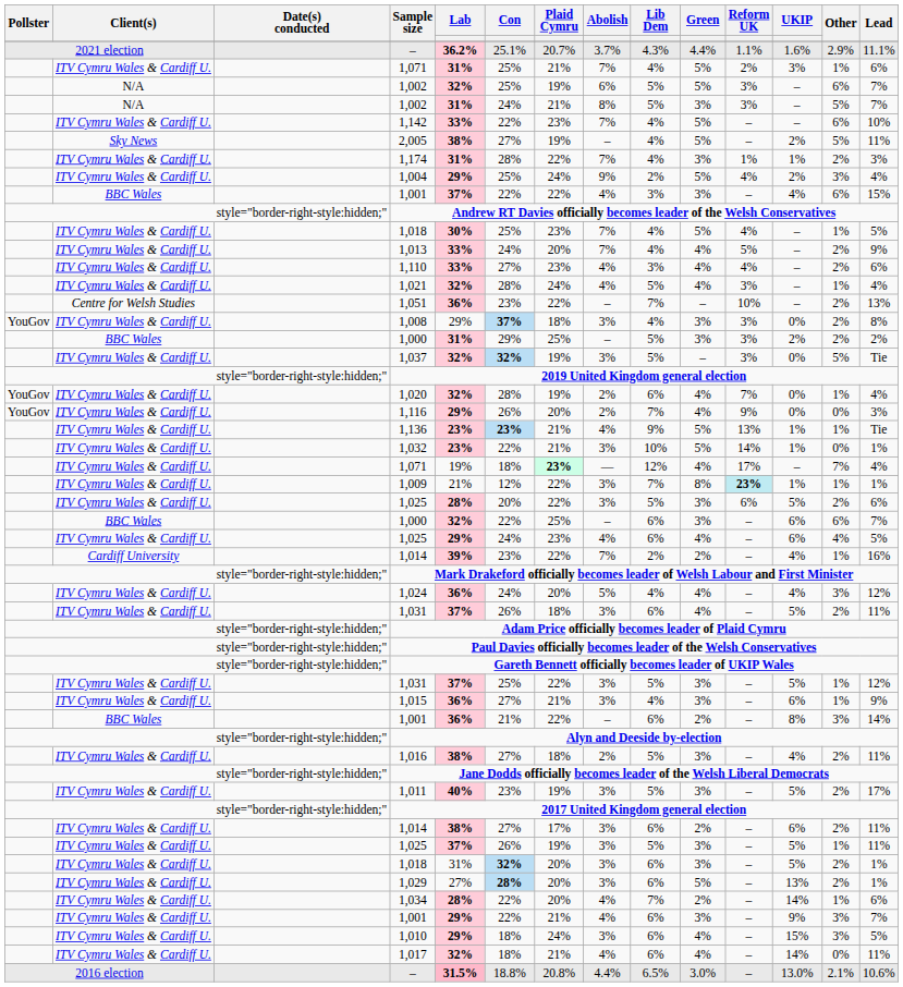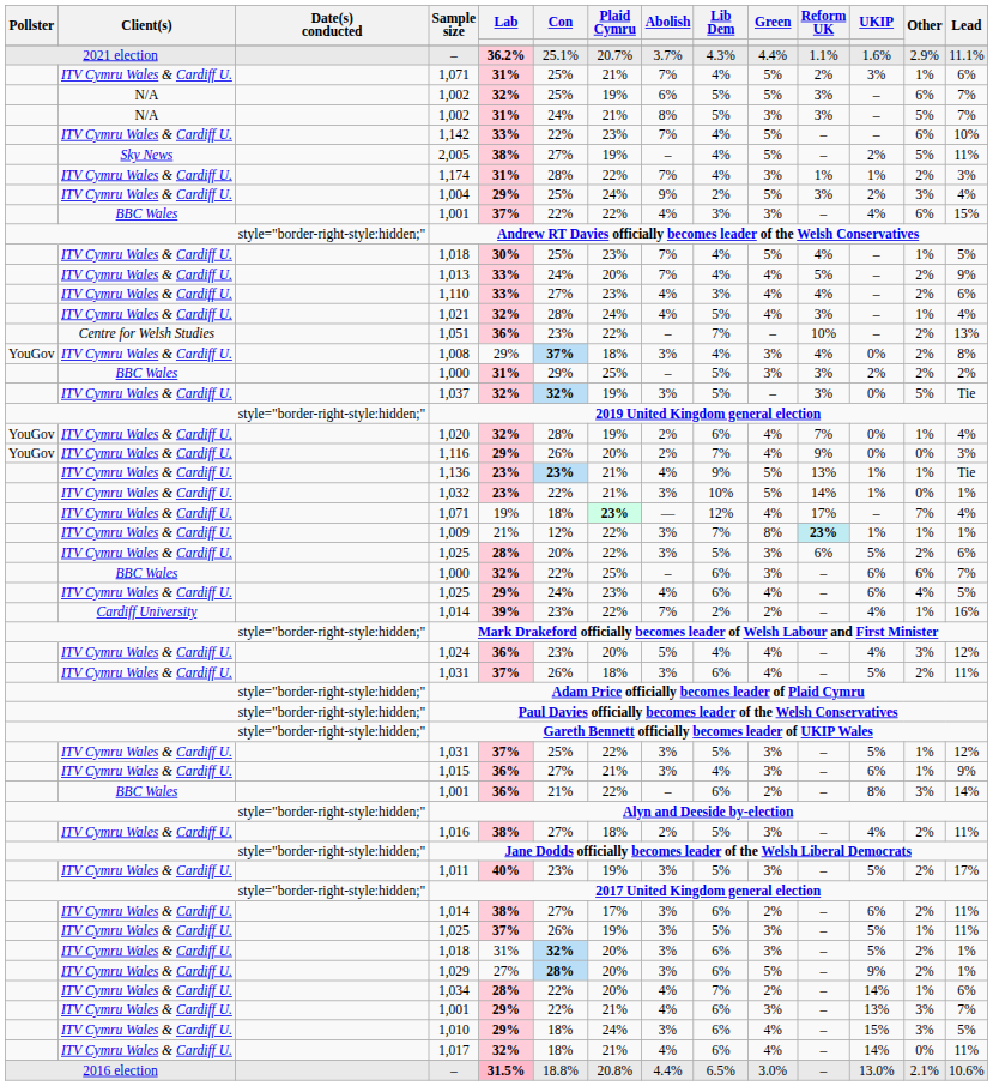 <table class="wikitable sortable" style="text-align:center;font-size:90%;line-height:14px;">
 <tr>
 <th rowspan="2">Pollster</th>
 <th rowspan="2">Client(s)</th>
 <th rowspan="2">Date(s)<br>conducted</th>
 <th data-sort-type="number" rowspan="2">Sample<br>size</th>
 <th class="unsortable" style="width:50px;"><a href='#'>Lab</a></th>
 <th class="unsortable" style="width:50px;"><a href='#'>Con</a></th>
 <th class="unsortable" style="width:50px;"><a href='#'>Plaid<br>Cymru</a></th>
 <th class="unsortable" style="width:45px;"><a href='#'>Abolish</a></th>
 <th class="unsortable" style="width:50px;"><a href='#'>Lib Dem</a></th>
 <th class="unsortable" style="width:45px;"><a href='#'>Green</a></th>
 <th class="unsortable" style="width:45px;"><a href='#'>Reform UK</a></th>
 <th class="unsortable" style="width:50px;"><a href='#'>UKIP</a></th>
 <th class="unsortable" rowspan="2">Other</th>
 <th data-sort-type="number" rowspan="2">Lead</th>
 </tr>
 <tr>
 <th data-sort-type="number" style="background:"></th>
 <th data-sort-type="number" style="background:"></th>
 <th data-sort-type="number" style="background:"></th>
 <th data-sort-type="number" style="background:"></th>
 <th data-sort-type="number" style="background:"></th>
 <th data-sort-type="number" style="background:"></th>
 <th data-sort-type="number" style="background:"></th>
 <th data-sort-type="number" style="background:"></th>
 </tr>
 <tr>
 </tr>
 <tr style="background:#E9E9E9;">
 <td colspan="2"><a href='#'>2021 election</a></td>
 <td></td>
 <td>–</td>
 <td style="background:#FFCCD9"><strong>36.2%</strong></td>
 <td>25.1%</td>
 <td>20.7%</td>
 <td>3.7%</td>
 <td>4.3%</td>
 <td>4.4%</td>
 <td>1.1%</td>
 <td>1.6%</td>
 <td>2.9%</td>
 <td style="background:">11.1%</td>
 </tr>
 <tr>
 <td></td>
 <td><em><a href='#'>ITV Cymru Wales</a> & <a href='#'>Cardiff U.</a></em></td>
 <td></td>
 <td>1,071</td>
 <td style="background:#FFCCD9"><strong>31%</strong></td>
 <td>25%</td>
 <td>21%</td>
 <td>7%</td>
 <td>4%</td>
 <td>5%</td>
 <td>2%</td>
 <td>3%</td>
 <td>1%</td>
 <td style="background:">6%</td>
 </tr>
 <tr>
 <td></td>
 <td>N/A</td>
 <td></td>
 <td>1,002</td>
 <td style="background:#FFCCD9"><strong>32%</strong></td>
 <td>25%</td>
 <td>19%</td>
 <td>6%</td>
 <td>5%</td>
 <td>5%</td>
 <td>3%</td>
 <td>–</td>
 <td>6%</td>
 <td style="background:">7%</td>
 </tr>
 <tr>
 <td></td>
 <td>N/A</td>
 <td></td>
 <td>1,002</td>
 <td style="background:#FFCCD9"><strong>31%</strong></td>
 <td>24%</td>
 <td>21%</td>
 <td>8%</td>
 <td>5%</td>
 <td>3%</td>
 <td>3%</td>
 <td>–</td>
 <td>5%</td>
 <td style="background:">7%</td>
 </tr>
 <tr>
 <td></td>
 <td><em><a href='#'>ITV Cymru Wales</a> & <a href='#'>Cardiff U.</a></em></td>
 <td></td>
 <td>1,142</td>
 <td style="background:#FFCCD9"><strong>33%</strong></td>
 <td>22%</td>
 <td>23%</td>
 <td>7%</td>
 <td>4%</td>
 <td>5%</td>
 <td>–</td>
 <td>–</td>
 <td>6%</td>
 <td style="background:">10%</td>
 </tr>
 <tr>
 <td></td>
 <td><em><a href='#'>Sky News</a></em></td>
 <td></td>
 <td>2,005</td>
 <td style="background:#FFCCD9"><strong>38%</strong></td>
 <td>27%</td>
 <td>19%</td>
 <td>–</td>
 <td>4%</td>
 <td>5%</td>
 <td>–</td>
 <td>2%</td>
 <td>5%</td>
 <td style="background:">11%</td>
 </tr>
 <tr>
 <td></td>
 <td><em><a href='#'>ITV Cymru Wales</a> & <a href='#'>Cardiff U.</a></em></td>
 <td></td>
 <td>1,174</td>
 <td style="background:#FFCCD9"><strong>31%</strong></td>
 <td>28%</td>
 <td>22%</td>
 <td>7%</td>
 <td>4%</td>
 <td>3%</td>
 <td>1%</td>
 <td>1%</td>
 <td>2% </td>
 <td style="background:">3%</td>
 </tr>
 <tr>
 <td></td>
 <td><em><a href='#'>ITV Cymru Wales</a> & <a href='#'>Cardiff U.</a></em></td>
 <td></td>
 <td>1,004</td>
 <td style="background:#FFCCD9"><strong>29%</strong></td>
 <td>25%</td>
 <td>24%</td>
 <td>9%</td>
 <td>2%</td>
 <td>5%</td>
-<td>4%</td>
+<td>3%</td>
 <td>2%</td>
 <td>3%</td>
 <td style="background:">4%</td>
 </tr>
 <tr>
 <td></td>
 <td><em><a href='#'>BBC Wales</a></em></td>
 <td></td>
 <td>1,001</td>
 <td style="background:#FFCCD9"><strong>37%</strong></td>
 <td>22%</td>
 <td>22%</td>
 <td>4%</td>
 <td>3%</td>
 <td>3%</td>
 <td>–</td>
 <td>4%</td>
 <td>6%</td>
 <td style="background:">15%</td>
 </tr>
 <tr>
 <td style="border-right-style:hidden;"></td>
 <td style="border-right-style:hidden;"></td>
 <td>style="border-right-style:hidden;" </td>
 <td colspan="11"><strong><a href='#'>Andrew RT Davies</a> officially <a href='#'>becomes leader</a> of the <a href='#'>Welsh Conservatives</a></strong></td>
 </tr>
 <tr>
 <td></td>
 <td><em><a href='#'>ITV Cymru Wales</a> & <a href='#'>Cardiff U.</a></em></td>
 <td></td>
 <td>1,018</td>
 <td style="background:#FFCCD9"><strong>30%</strong></td>
 <td>25%</td>
 <td>23%</td>
 <td>7%</td>
 <td>4%</td>
 <td>5%</td>
 <td>4%</td>
 <td>–</td>
 <td>1%</td>
 <td style="background:">5%</td>
 </tr>
 <tr>
 <td></td>
 <td><em><a href='#'>ITV Cymru Wales</a> & <a href='#'>Cardiff U.</a></em></td>
 <td></td>
 <td>1,013</td>
 <td style="background:#FFCCD9"><strong>33%</strong></td>
 <td>24%</td>
 <td>20%</td>
 <td>7%</td>
 <td>4%</td>
 <td>4%</td>
 <td>5%</td>
 <td>–</td>
 <td>2%</td>
 <td style="background:">9%</td>
 </tr>
 <tr>
 <td></td>
 <td><em><a href='#'>ITV Cymru Wales</a> & <a href='#'>Cardiff U.</a></em></td>
 <td></td>
 <td>1,110</td>
 <td style="background:#FFCCD9"><strong>33%</strong></td>
 <td>27%</td>
 <td>23%</td>
 <td>4%</td>
 <td>3%</td>
 <td>4%</td>
 <td>4%</td>
 <td>–</td>
 <td>2%</td>
 <td style="background:">6%</td>
 </tr>
 <tr>
 <td></td>
 <td><em><a href='#'>ITV Cymru Wales</a> & <a href='#'>Cardiff U.</a></em></td>
 <td></td>
 <td>1,021</td>
 <td style="background:#FFCCD9"><strong>32%</strong></td>
 <td>28%</td>
 <td>24%</td>
 <td>4%</td>
 <td>5%</td>
 <td>4%</td>
 <td>3%</td>
 <td>–</td>
 <td>1%</td>
 <td style="background:">4%</td>
 </tr>
 <tr>
 <td></td>
 <td><em>Centre for Welsh Studies</em></td>
 <td></td>
 <td>1,051</td>
 <td style="background:#FFCCD9"><strong>36%</strong></td>
 <td>23%</td>
 <td>22%</td>
 <td>–</td>
 <td>7%</td>
 <td>–</td>
 <td>10%</td>
 <td>–</td>
 <td>2%</td>
 <td style="background:">13%</td>
 </tr>
 <tr>
 <td>YouGov</td>
 <td><em><a href='#'>ITV Cymru Wales</a> & <a href='#'>Cardiff U.</a></em></td>
 <td></td>
 <td>1,008</td>
 <td>29%</td>
 <td style="background:#BADEF5;"><strong>37%</strong></td>
 <td>18%</td>
 <td>3%</td>
 <td>4%</td>
 <td>3%</td>
-<td>3%</td>
+<td>4%</td>
 <td>0%</td>
 <td>2%</td>
 <td style="background:">8%</td>
 </tr>
 <tr>
 <td></td>
 <td><em><a href='#'>BBC Wales</a></em></td>
 <td></td>
 <td>1,000</td>
 <td style="background:#FFCCD9"><strong>31%</strong></td>
 <td>29%</td>
 <td>25%</td>
 <td>–</td>
 <td>5%</td>
 <td>3%</td>
 <td>3%</td>
 <td>2%</td>
 <td>2%</td>
 <td style="background:">2%</td>
 </tr>
 <tr>
 <td></td>
 <td><em><a href='#'>ITV Cymru Wales</a> & <a href='#'>Cardiff U.</a></em></td>
 <td></td>
 <td>1,037</td>
 <td style="background:#FFCCD9"><strong>32%</strong></td>
 <td style="background:#BADEF5;"><strong>32%</strong></td>
 <td>19%</td>
 <td>3%</td>
 <td>5%</td>
 <td>–</td>
 <td>3%</td>
 <td>0%</td>
 <td>5%</td>
 <td>Tie</td>
 </tr>
 <tr>
 <td style="border-right-style:hidden;"></td>
 <td style="border-right-style:hidden;"></td>
 <td>style="border-right-style:hidden;" </td>
 <td colspan="11"><strong><a href='#'>2019 United Kingdom general election</a></strong></td>
 </tr>
 <tr>
 <td>YouGov</td>
 <td><em><a href='#'>ITV Cymru Wales</a> & <a href='#'>Cardiff U.</a></em></td>
 <td></td>
 <td>1,020</td>
 <td style="background:#FFCCD9"><strong>32%</strong></td>
 <td>28%</td>
 <td>19%</td>
 <td>2%</td>
 <td>6%</td>
 <td>4%</td>
 <td>7%</td>
 <td>0%</td>
 <td>1%</td>
 <td style="background:">4%</td>
 </tr>
 <tr>
 <td>YouGov</td>
 <td><em><a href='#'>ITV Cymru Wales</a> & <a href='#'>Cardiff U.</a></em></td>
 <td></td>
 <td>1,116</td>
 <td style="background:#FFCCD9"><strong>29%</strong></td>
 <td>26%</td>
 <td>20%</td>
 <td>2%</td>
 <td>7%</td>
 <td>4%</td>
 <td>9%</td>
 <td>0%</td>
 <td>0%</td>
 <td Style="background:">3%</td>
 </tr>
 <tr>
 <td></td>
 <td><em><a href='#'>ITV Cymru Wales</a> & <a href='#'>Cardiff U.</a></em></td>
 <td></td>
 <td>1,136</td>
 <td style="background:#FFCCD9"><strong>23%</strong></td>
 <td style="background:#BADEF5;"><strong>23%</strong></td>
 <td>21%</td>
 <td>4%</td>
 <td>9%</td>
 <td>5%</td>
 <td>13%</td>
 <td>1%</td>
 <td>1%</td>
 <td>Tie</td>
 </tr>
 <tr>
 <td></td>
 <td><em><a href='#'>ITV Cymru Wales</a> & <a href='#'>Cardiff U.</a></em></td>
 <td></td>
 <td>1,032</td>
 <td style="background:#FFCCD9"><strong>23%</strong></td>
 <td>22%</td>
 <td>21%</td>
 <td>3%</td>
 <td>10%</td>
 <td>5%</td>
 <td>14%</td>
 <td>1%</td>
 <td>0%</td>
 <td style="background:">1%</td>
 </tr>
 <tr>
 <td></td>
 <td><em><a href='#'>ITV Cymru Wales</a> & <a href='#'>Cardiff U.</a></em></td>
 <td></td>
 <td>1,071</td>
 <td>19%</td>
 <td>18%</td>
 <td style="background:#CCFFE6"><strong>23%</strong></td>
 <td>—</td>
 <td>12%</td>
 <td>4%</td>
 <td>17%</td>
 <td>–</td>
 <td>7%</td>
 <td style="background:">4%</td>
 </tr>
 <tr>
 <td></td>
 <td><em><a href='#'>ITV Cymru Wales</a> & <a href='#'>Cardiff U.</a></em></td>
 <td></td>
 <td>1,009</td>
 <td>21%</td>
 <td>12%</td>
 <td>22%</td>
 <td>3%</td>
 <td>7%</td>
 <td>8%</td>
 <td style="background:#BFEBF2;"><strong>23%</strong></td>
 <td>1%</td>
 <td>1%</td>
 <td style="background:">1%</td>
 </tr>
 <tr>
 <td></td>
 <td><em><a href='#'>ITV Cymru Wales</a> & <a href='#'>Cardiff U.</a></em></td>
 <td></td>
 <td>1,025</td>
 <td style="background:#FFCCD9"><strong>28%</strong></td>
 <td>20%</td>
 <td>22%</td>
 <td>3%</td>
 <td>5%</td>
 <td>3%</td>
 <td>6%</td>
 <td>5%</td>
 <td>2%</td>
 <td style="background:">6%</td>
 </tr>
 <tr>
 <td></td>
 <td><em><a href='#'>BBC Wales</a></em></td>
 <td></td>
 <td>1,000</td>
 <td style="background:#FFCCD9"><strong>32%</strong></td>
 <td>22%</td>
 <td>25%</td>
 <td>–</td>
 <td>6%</td>
 <td>3%</td>
 <td>–</td>
 <td>6%</td>
 <td>6%</td>
 <td style="background:">7%</td>
 </tr>
 <tr>
 <td></td>
 <td><em><a href='#'>ITV Cymru Wales</a> & <a href='#'>Cardiff U.</a></em></td>
 <td></td>
 <td>1,025</td>
 <td style="background:#FFCCD9"><strong>29%</strong></td>
 <td>24%</td>
 <td>23%</td>
 <td>4%</td>
 <td>6%</td>
 <td>4%</td>
 <td>–</td>
 <td>6%</td>
 <td>4%</td>
 <td style="background:">5%</td>
 </tr>
 <tr>
 <td></td>
 <td><em><a href='#'>Cardiff University</a></em></td>
 <td></td>
 <td>1,014</td>
 <td style="background:#FFCCD9"><strong>39%</strong></td>
 <td>23%</td>
 <td>22%</td>
 <td>7%</td>
 <td>2%</td>
 <td>2%</td>
 <td>–</td>
 <td>4%</td>
 <td>1%</td>
 <td style="background:">16%</td>
 </tr>
 <tr>
 <td style="border-right-style:hidden;"></td>
 <td style="border-right-style:hidden;"></td>
 <td>style="border-right-style:hidden;" </td>
 <td colspan="11"><strong><a href='#'>Mark Drakeford</a> officially <a href='#'>becomes leader</a> of <a href='#'>Welsh Labour</a> and <a href='#'>First Minister</a></strong></td>
 </tr>
 <tr>
 <td></td>
 <td><em><a href='#'>ITV Cymru Wales</a> & <a href='#'>Cardiff U.</a></em></td>
 <td></td>
 <td>1,024</td>
 <td style="background:#FFCCD9"><strong>36%</strong></td>
-<td>24%</td>
+<td>23%</td>
 <td>20%</td>
 <td>5%</td>
 <td>4%</td>
 <td>4%</td>
 <td>–</td>
 <td>4%</td>
 <td>3%</td>
 <td style="background:">12%</td>
 </tr>
 <tr>
 <td></td>
 <td><em><a href='#'>ITV Cymru Wales</a> & <a href='#'>Cardiff U.</a></em></td>
 <td></td>
 <td>1,031</td>
 <td style="background:#FFCCD9"><strong>37%</strong></td>
 <td>26%</td>
 <td>18%</td>
 <td>3%</td>
 <td>6%</td>
 <td>4%</td>
 <td>–</td>
 <td>5%</td>
 <td>2%</td>
 <td style="background:">11%</td>
 </tr>
 <tr>
 <td style="border-right-style:hidden;"></td>
 <td style="border-right-style:hidden;"></td>
 <td>style="border-right-style:hidden;" </td>
 <td colspan="11"><strong><a href='#'>Adam Price</a> officially <a href='#'>becomes leader</a> of <a href='#'>Plaid Cymru</a></strong></td>
 </tr>
 <tr>
 <td style="border-right-style:hidden;"></td>
 <td style="border-right-style:hidden;"></td>
 <td>style="border-right-style:hidden;" </td>
 <td colspan="11"><strong><a href='#'>Paul Davies</a> officially <a href='#'>becomes leader</a> of the <a href='#'>Welsh Conservatives</a></strong></td>
 </tr>
 <tr>
 <td style="border-right-style:hidden;"></td>
 <td style="border-right-style:hidden;"></td>
 <td>style="border-right-style:hidden;" </td>
 <td colspan="11"><strong><a href='#'>Gareth Bennett</a> officially <a href='#'>becomes leader</a> of <a href='#'>UKIP Wales</a></strong></td>
 </tr>
 <tr>
 <td></td>
 <td><em><a href='#'>ITV Cymru Wales</a> & <a href='#'>Cardiff U.</a></em></td>
 <td></td>
 <td>1,031</td>
 <td style="background:#FFCCD9"><strong>37%</strong></td>
 <td>25%</td>
 <td>22%</td>
 <td>3%</td>
 <td>5%</td>
 <td>3%</td>
 <td>–</td>
 <td>5%</td>
 <td>1%</td>
 <td style="background:">12%</td>
 </tr>
 <tr>
 <td></td>
 <td><em><a href='#'>ITV Cymru Wales</a> & <a href='#'>Cardiff U.</a></em></td>
 <td></td>
 <td>1,015</td>
 <td style="background:#FFCCD9"><strong>36%</strong></td>
 <td>27%</td>
 <td>21%</td>
 <td>3%</td>
 <td>4%</td>
 <td>3%</td>
 <td>–</td>
 <td>6%</td>
 <td>1%</td>
 <td style="background:">9%</td>
 </tr>
 <tr>
 <td></td>
 <td><em><a href='#'>BBC Wales</a></em></td>
 <td></td>
 <td>1,001</td>
 <td style="background:#FFCCD9"><strong>36%</strong></td>
 <td>21%</td>
 <td>22%</td>
 <td>–</td>
 <td>6%</td>
 <td>2%</td>
 <td>–</td>
 <td>8%</td>
 <td>3%</td>
 <td style="background:">14%</td>
 </tr>
 <tr>
 <td style="border-right-style:hidden;"></td>
 <td style="border-right-style:hidden;"></td>
 <td>style="border-right-style:hidden;" </td>
 <td colspan="11"><strong><a href='#'>Alyn and Deeside by-election</a></strong></td>
 </tr>
 <tr>
 <td></td>
 <td><em><a href='#'>ITV Cymru Wales</a> & <a href='#'>Cardiff U.</a></em></td>
 <td></td>
 <td>1,016</td>
 <td style="background:#FFCCD9"><strong>38%</strong></td>
 <td>27%</td>
 <td>18%</td>
 <td>2%</td>
 <td>5%</td>
 <td>3%</td>
 <td>–</td>
 <td>4%</td>
 <td>2%</td>
 <td style="background:">11%</td>
 </tr>
 <tr>
 <td style="border-right-style:hidden;"></td>
 <td style="border-right-style:hidden;"></td>
 <td>style="border-right-style:hidden;" </td>
 <td colspan="11"><strong><a href='#'>Jane Dodds</a> officially <a href='#'>becomes leader</a> of the <a href='#'>Welsh Liberal Democrats</a></strong></td>
 </tr>
 <tr>
 <td></td>
 <td><em><a href='#'>ITV Cymru Wales</a> & <a href='#'>Cardiff U.</a></em></td>
 <td></td>
 <td>1,011</td>
 <td style="background:#FFCCD9"><strong>40%</strong></td>
 <td>23%</td>
 <td>19%</td>
 <td>3%</td>
 <td>5%</td>
 <td>3%</td>
 <td>–</td>
 <td>5%</td>
 <td>2%</td>
 <td style="background:">17%</td>
 </tr>
 <tr>
 <td style="border-right-style:hidden;"></td>
 <td style="border-right-style:hidden;"></td>
 <td>style="border-right-style:hidden;" </td>
 <td colspan="11"><strong><a href='#'>2017 United Kingdom general election</a></strong></td>
 </tr>
 <tr>
 <td></td>
 <td><em><a href='#'>ITV Cymru Wales</a> & <a href='#'>Cardiff U.</a></em></td>
 <td></td>
 <td>1,014</td>
 <td style="background:#FFCCD9"><strong>38%</strong></td>
 <td>27%</td>
 <td>17%</td>
 <td>3%</td>
 <td>6%</td>
 <td>2%</td>
 <td>–</td>
 <td>6%</td>
 <td>2%</td>
 <td style="background:">11%</td>
 </tr>
 <tr>
 <td></td>
 <td><em><a href='#'>ITV Cymru Wales</a> & <a href='#'>Cardiff U.</a></em></td>
 <td></td>
 <td>1,025</td>
 <td style="background:#FFCCD9"><strong>37%</strong></td>
 <td>26%</td>
 <td>19%</td>
 <td>3%</td>
 <td>5%</td>
 <td>3%</td>
 <td>–</td>
 <td>5%</td>
 <td>1%</td>
 <td style="background:">11%</td>
 </tr>
 <tr>
 <td></td>
 <td><em><a href='#'>ITV Cymru Wales</a> & <a href='#'>Cardiff U.</a></em></td>
 <td></td>
 <td>1,018</td>
 <td>31%</td>
 <td style="background:#BADEF5;"><strong>32%</strong></td>
 <td>20%</td>
 <td>3%</td>
 <td>6%</td>
 <td>3%</td>
 <td>–</td>
 <td>5%</td>
 <td>2%</td>
 <td style="background:">1%</td>
 </tr>
 <tr>
 <td></td>
 <td><em><a href='#'>ITV Cymru Wales</a> & <a href='#'>Cardiff U.</a></em></td>
 <td></td>
 <td>1,029</td>
 <td>27%</td>
 <td style="background:#BADEF5;"><strong>28%</strong></td>
 <td>20%</td>
 <td>3%</td>
 <td>6%</td>
 <td>5%</td>
 <td>–</td>
-<td>13%</td>
+<td>9%</td>
 <td>2%</td>
 <td style="background:">1%</td>
 </tr>
 <tr>
 <td></td>
 <td><em><a href='#'>ITV Cymru Wales</a> & <a href='#'>Cardiff U.</a></em></td>
 <td></td>
 <td>1,034</td>
 <td style="background:#FFCCD9"><strong>28%</strong></td>
 <td>22%</td>
 <td>20%</td>
 <td>4%</td>
 <td>7%</td>
 <td>2%</td>
 <td>–</td>
 <td>14%</td>
 <td>1%</td>
 <td style="background:">6%</td>
 </tr>
 <tr>
 <td></td>
 <td><em><a href='#'>ITV Cymru Wales</a> & <a href='#'>Cardiff U.</a></em></td>
 <td></td>
 <td>1,001</td>
 <td style="background:#FFCCD9"><strong>29%</strong></td>
 <td>22%</td>
 <td>21%</td>
 <td>4%</td>
 <td>6%</td>
 <td>3%</td>
 <td>–</td>
-<td>9%</td>
+<td>13%</td>
 <td>3%</td>
 <td style="background:">7%</td>
 </tr>
 <tr>
 <td></td>
 <td><em><a href='#'>ITV Cymru Wales</a> & <a href='#'>Cardiff U.</a></em></td>
 <td></td>
 <td>1,010</td>
 <td style="background:#FFCCD9"><strong>29%</strong></td>
 <td>18%</td>
 <td>24%</td>
 <td>3%</td>
 <td>6%</td>
 <td>4%</td>
 <td>–</td>
 <td>15%</td>
 <td>3%</td>
 <td style="background:">5%</td>
 </tr>
 <tr>
 <td></td>
 <td><em><a href='#'>ITV Cymru Wales</a> & <a href='#'>Cardiff U.</a></em></td>
 <td></td>
 <td>1,017</td>
 <td style="background:#FFCCD9"><strong>32%</strong></td>
 <td>18%</td>
 <td>21%</td>
 <td>4%</td>
 <td>6%</td>
 <td>4%</td>
 <td>–</td>
 <td>14%</td>
 <td>0%</td>
 <td style="background:">11%</td>
 </tr>
 <tr style="background:#E9E9E9;">
 <td colspan="2"><a href='#'>2016 election</a></td>
 <td></td>
 <td>–</td>
 <td style="background:#FFB8CA"><strong>31.5%</strong></td>
 <td>18.8%</td>
 <td>20.8%</td>
 <td>4.4%</td>
 <td>6.5%</td>
 <td>3.0%</td>
 <td>–</td>
 <td>13.0%</td>
 <td>2.1%</td>
 <td style="background:">10.6%</td>
 </tr>
 </table>
